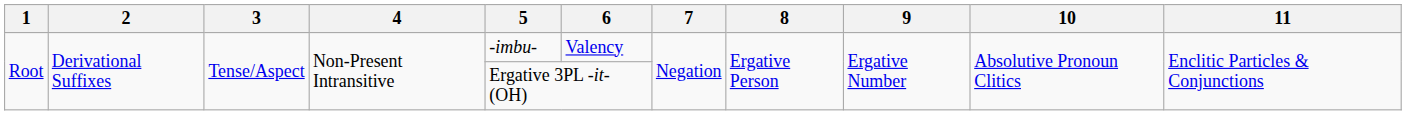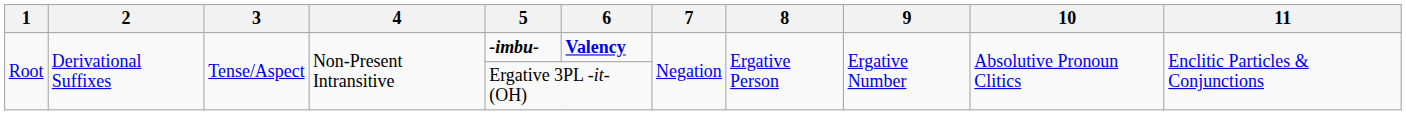 <table class="wikitable">
 <tr>
 <th>1</th>
 <th>2</th>
 <th>3</th>
 <th>4</th>
 <th>5</th>
 <th>6</th>
 <th>7</th>
 <th>8</th>
 <th>9</th>
 <th>10</th>
 <th>11</th>
 </tr>
 <tr>
 <td rowspan="2"><a href='#'>Root</a></td>
 <td rowspan="2"><a href='#'>Derivational Suffixes</a></td>
 <td rowspan="2"><a href='#'>Tense/Aspect</a></td>
 <td rowspan="2">Non-Present Intransitive</td>
-<td><em>-imbu-</em></td>
-<td><a href='#'>Valency</a></td>
+<td><strong><em>-imbu-</em></strong></td>
+<td><strong><a href='#'>Valency</a></strong></td>
 <td rowspan="2"><a href='#'>Negation</a></td>
 <td rowspan="2"><a href='#'>Ergative Person</a></td>
 <td rowspan="2"><a href='#'>Ergative Number</a></td>
 <td rowspan="2"><a href='#'>Absolutive Pronoun Clitics</a></td>
 <td rowspan="2"><a href='#'>Enclitic Particles & Conjunctions</a></td>
 </tr>
 <tr>
 <td colspan="2">Ergative 3PL <em>-it-</em> (OH)</td>
 </tr>
 </table>
